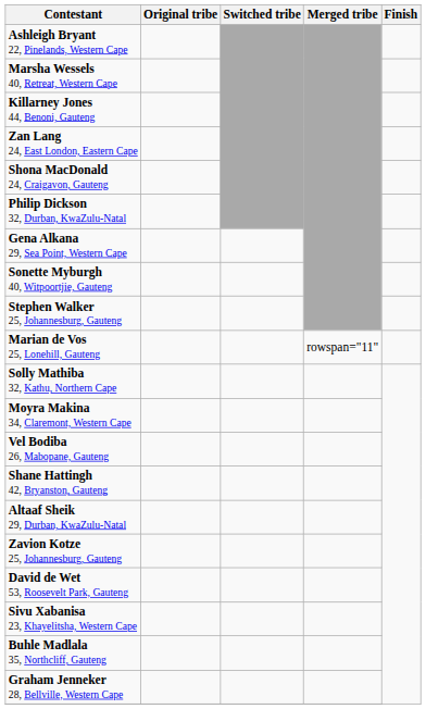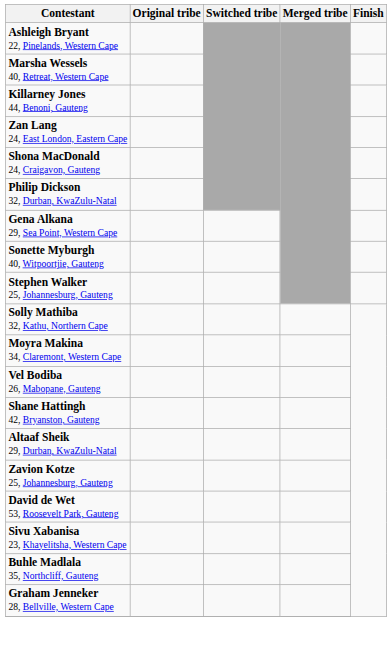 <table class="wikitable sortable nowrap" style="margin:auto; text-align:center">
 <tr>
 <th>Contestant</th>
 <th>Original tribe</th>
 <th>Switched tribe</th>
 <th>Merged tribe</th>
 <th>Finish</th>
 </tr>
 <tr>
 <td align="left"><strong>Ashleigh Bryant</strong><br><small>22, <a href='#'>Pinelands, Western Cape</a></small></td>
 <td></td>
 <td bgcolor="darkgray" rowspan="6"></td>
 <td bgcolor="darkgray" rowspan="9"></td>
 <td></td>
 </tr>
 <tr>
 <td align="left"><strong>Marsha Wessels</strong><br><small>40, <a href='#'>Retreat, Western Cape</a></small></td>
 <td></td>
 <td></td>
 </tr>
 <tr>
 <td align="left"><strong>Killarney Jones</strong><br><small>44, <a href='#'>Benoni, Gauteng</a></small></td>
 <td></td>
 <td></td>
 </tr>
 <tr>
 <td align="left"><strong>Zan Lang</strong><br><small>24, <a href='#'>East London, Eastern Cape</a></small></td>
 <td></td>
 <td></td>
 </tr>
 <tr>
 <td align="left"><strong>Shona MacDonald</strong><br><small>24, <a href='#'>Craigavon, Gauteng</a></small></td>
 <td></td>
 <td></td>
 </tr>
 <tr>
 <td align="left"><strong>Philip Dickson</strong><br><small>32, <a href='#'>Durban, KwaZulu-Natal</a></small></td>
 <td></td>
 <td></td>
 </tr>
 <tr>
 <td align="left"><strong>Gena Alkana</strong><br><small>29, <a href='#'>Sea Point, Western Cape</a></small></td>
 <td></td>
 <td></td>
 <td></td>
 </tr>
 <tr>
 <td align="left"><strong>Sonette Myburgh</strong><br><small>40, <a href='#'>Witpoortjie, Gauteng</a></small></td>
 <td></td>
 <td></td>
 <td></td>
 </tr>
 <tr>
 <td align="left"><strong>Stephen Walker</strong><br><small>25, <a href='#'>Johannesburg, Gauteng</a></small></td>
 <td></td>
 <td></td>
-<td></td>
-</tr>
-<tr>
-<td align="left"><strong>Marian de Vos</strong><br><small>25, <a href='#'>Lonehill, Gauteng</a></small></td>
-<td></td>
-<td></td>
-<td>rowspan="11" </td>
 <td></td>
 </tr>
 <tr>
 <td align="left"><strong>Solly Mathiba</strong><br><small>32, <a href='#'>Kathu, Northern Cape</a></small></td>
 <td></td>
 <td></td>
 <td></td>
 </tr>
 <tr>
 <td align="left"><strong>Moyra Makina</strong><br><small>34, <a href='#'>Claremont, Western Cape</a></small></td>
 <td></td>
 <td></td>
 <td></td>
 </tr>
 <tr>
 <td align="left"><strong>Vel Bodiba</strong><br><small>26, <a href='#'>Mabopane, Gauteng</a></small></td>
 <td></td>
 <td></td>
 <td></td>
 </tr>
 <tr>
 <td align="left"><strong>Shane Hattingh</strong><br><small>42, <a href='#'>Bryanston, Gauteng</a></small></td>
 <td></td>
 <td></td>
 <td></td>
 </tr>
 <tr>
 <td align="left"><strong>Altaaf Sheik</strong><br><small>29, <a href='#'> Durban, KwaZulu-Natal</a></small></td>
 <td></td>
 <td></td>
 <td></td>
 </tr>
 <tr>
 <td align="left"><strong>Zavion Kotze</strong><br><small>25, <a href='#'>Johannesburg, Gauteng</a></small></td>
 <td></td>
 <td></td>
 <td></td>
 </tr>
 <tr>
 <td align="left"><strong>David de Wet</strong><br><small>53, <a href='#'>Roosevelt Park, Gauteng</a></small></td>
 <td></td>
 <td></td>
 <td></td>
 </tr>
 <tr>
 <td align="left"><strong>Sivu Xabanisa</strong><br><small>23, <a href='#'>Khayelitsha, Western Cape</a></small></td>
 <td></td>
 <td></td>
 <td></td>
 </tr>
 <tr>
 <td align="left"><strong>Buhle Madlala</strong><br><small>35, <a href='#'>Northcliff, Gauteng</a></small></td>
 <td></td>
 <td></td>
 <td></td>
 </tr>
 <tr>
 <td align="left"><strong>Graham Jenneker</strong><br><small>28, <a href='#'>Bellville, Western Cape</a></small></td>
 <td></td>
 <td></td>
 <td></td>
 </tr>
 <tr>
 </tr>
 </table>
